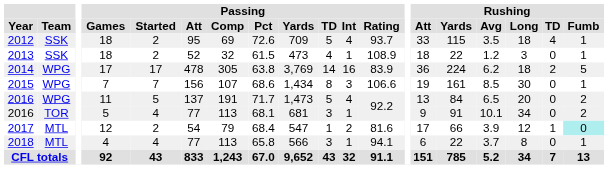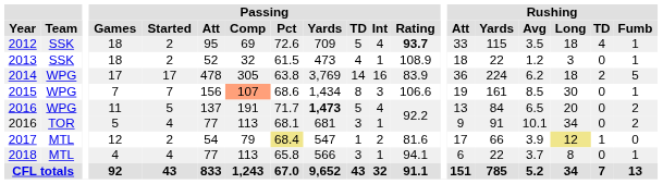 <table BORDER="0" CELLPADDING="1" CELLSPACING="0" width="65%" style="text-align:center">
 <tr bgcolor="#e0e0e0">
 <th colspan="2"></th>
 <th rowspan="102" bgcolor="#ffffff"> </th>
 <th colspan="9">Passing</th>
 <th rowspan="102" bgcolor="#ffffff"> </th>
 <th colspan="6">Rushing</th>
 </tr>
 <tr bgcolor="#e0e0e0">
 <th>Year</th>
 <th>Team</th>
 <th>Games</th>
 <th>Started</th>
 <th>Att</th>
 <th>Comp</th>
 <th>Pct</th>
 <th>Yards</th>
 <th>TD</th>
 <th>Int</th>
 <th>Rating</th>
 <th>Att</th>
 <th>Yards</th>
 <th>Avg</th>
 <th>Long</th>
 <th>TD</th>
 <th>Fumb</th>
 </tr>
 <tr ALIGN="center" bgcolor="#f0f0f0">
 <td><a href='#'>2012</a></td>
 <td><a href='#'>SSK</a></td>
 <td>18</td>
 <td>2</td>
 <td>95</td>
 <td>69</td>
 <td>72.6</td>
 <td>709</td>
 <td>5</td>
 <td>4</td>
-<td>93.7</td>
+<td><strong>93.7</strong></td>
 <td>33</td>
 <td>115</td>
 <td>3.5</td>
 <td>18</td>
 <td>4</td>
 <td>1</td>
 </tr>
 <tr>
 <td><a href='#'>2013</a></td>
 <td><a href='#'>SSK</a></td>
 <td>18</td>
 <td>2</td>
 <td>52</td>
 <td>32</td>
 <td>61.5</td>
 <td>473</td>
 <td>4</td>
 <td>1</td>
 <td>108.9</td>
 <td>18</td>
 <td>22</td>
 <td>1.2</td>
 <td>3</td>
 <td>0</td>
 <td>1</td>
 </tr>
 <tr ALIGN="center" bgcolor="#f0f0f0">
 <td><a href='#'>2014</a></td>
 <td><a href='#'>WPG</a></td>
 <td>17</td>
 <td>17</td>
 <td>478</td>
 <td>305</td>
 <td>63.8</td>
 <td>3,769</td>
 <td>14</td>
 <td>16</td>
 <td>83.9</td>
 <td>36</td>
 <td>224</td>
 <td>6.2</td>
 <td>18</td>
 <td>2</td>
 <td>5</td>
 </tr>
 <tr ALIGN="center">
 <td><a href='#'>2015</a></td>
 <td><a href='#'>WPG</a></td>
 <td>7</td>
 <td>7</td>
 <td>156</td>
-<td>107</td>
+<td style="background: lightsalmon;">107</td>
 <td>68.6</td>
 <td>1,434</td>
 <td>8</td>
 <td>3</td>
 <td>106.6</td>
 <td>19</td>
 <td>161</td>
 <td>8.5</td>
 <td>30</td>
 <td>0</td>
 <td>1</td>
 </tr>
 <tr ALIGN="center" bgcolor="#f0f0f0">
 <td><a href='#'>2016</a></td>
 <td><a href='#'>WPG</a></td>
 <td>11</td>
 <td>5</td>
 <td>137</td>
 <td>191</td>
 <td>71.7</td>
-<td>1,473</td>
+<td><strong>1,473</strong></td>
 <td>5</td>
 <td>4</td>
 <td rowspan="2">92.2</td>
 <td>13</td>
 <td>84</td>
 <td>6.5</td>
 <td>20</td>
 <td>0</td>
 <td>2</td>
 </tr>
 <tr ALIGN="center" bgcolor="#f0f0f0">
 <td>2016</td>
 <td><a href='#'>TOR</a></td>
 <td>5</td>
 <td>4</td>
 <td>77</td>
 <td>113</td>
 <td>68.1</td>
 <td>681</td>
 <td>3</td>
 <td>1</td>
 <td>9</td>
 <td>91</td>
 <td>10.1</td>
 <td>34</td>
 <td>0</td>
 <td>2</td>
 </tr>
 <tr>
 <td><a href='#'>2017</a></td>
 <td><a href='#'>MTL</a></td>
 <td>12</td>
 <td>2</td>
 <td>54</td>
 <td>79</td>
-<td>68.4</td>
+<td style="background: khaki;">68.4</td>
 <td>547</td>
 <td>1</td>
 <td>2</td>
 <td>81.6</td>
 <td>17</td>
 <td>66</td>
 <td>3.9</td>
-<td>12</td>
+<td style="background: khaki;">12</td>
 <td>1</td>
-<td style="background: paleturquoise;">0</td>
+<td>0</td>
 </tr>
 <tr ALIGN="center" bgcolor="#f0f0f0">
 <td><a href='#'>2018</a></td>
 <td><a href='#'>MTL</a></td>
 <td>4</td>
 <td>4</td>
 <td>77</td>
 <td>113</td>
 <td>65.8</td>
 <td>566</td>
 <td>3</td>
 <td>1</td>
 <td>94.1</td>
 <td>6</td>
 <td>22</td>
 <td>3.7</td>
 <td>8</td>
 <td>0</td>
 <td>1</td>
 </tr>
 <tr>
 </tr>
 <tr>
 </tr>
 <tr bgcolor="#e0e0e0">
 <th colspan="2"><a href='#'>CFL totals</a></th>
 <th>92</th>
 <th>43</th>
 <th>833</th>
 <th>1,243</th>
 <th>67.0</th>
 <th>9,652</th>
 <th>43</th>
 <th>32</th>
 <th>91.1</th>
 <th>151</th>
 <th>785</th>
 <th>5.2</th>
 <th>34</th>
 <th>7</th>
 <th>13</th>
 </tr>
 </table>
